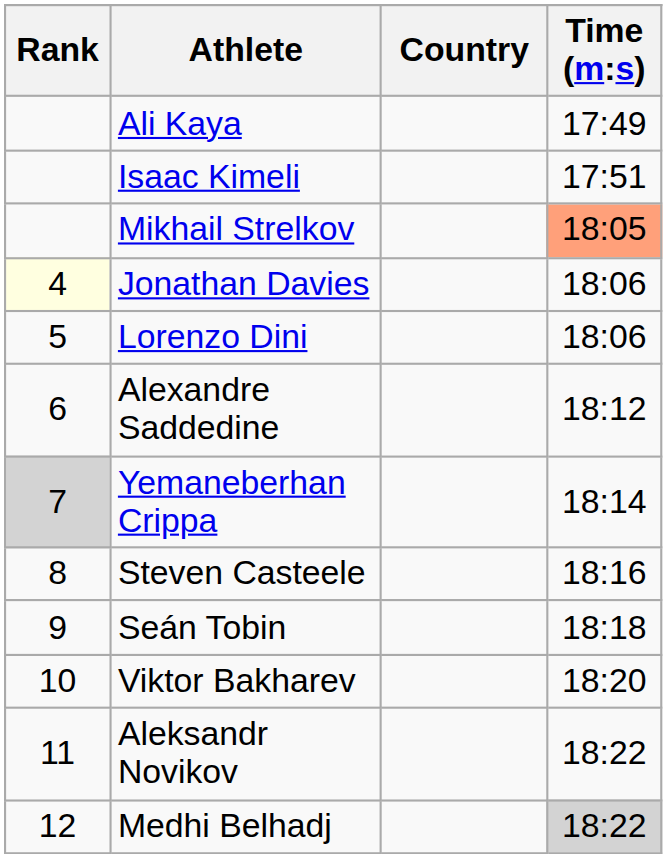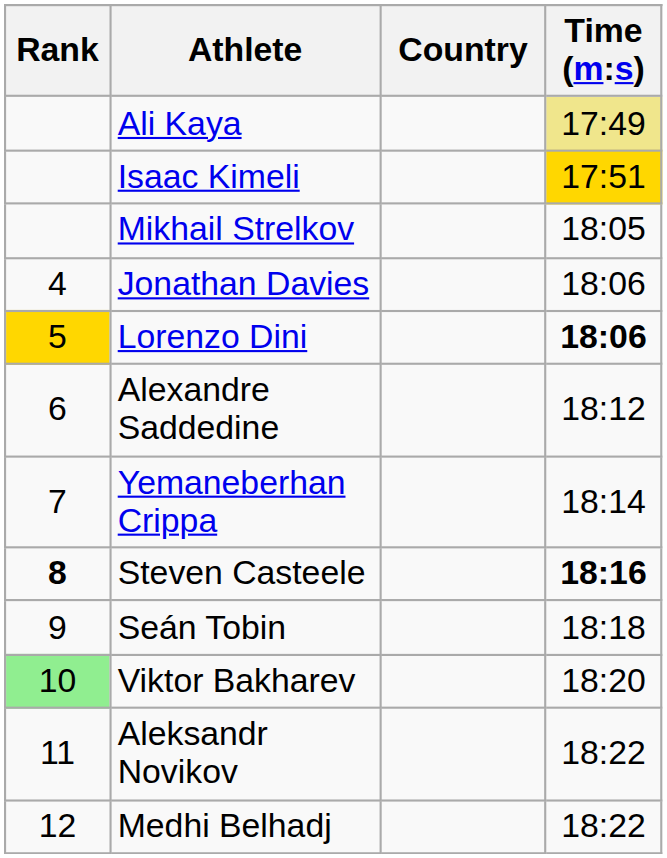 <table class="wikitable" style="text-align:center;" width="50%">
 <tr>
 </tr>
 <tr>
 <th width=5%>Rank</th>
 <th width=20%>Athlete</th>
 <th width=15%>Country</th>
 <th width=10%>Time (<a href='#'>m</a>:<a href='#'>s</a>)</th>
 </tr>
 <tr>
 <td></td>
 <td align="left"><a href='#'>Ali Kaya</a></td>
 <td align="left"></td>
-<td>17:49</td>
+<td style="background: khaki;">17:49</td>
 </tr>
 <tr>
 <td></td>
 <td align="left"><a href='#'>Isaac Kimeli</a></td>
 <td align="left"></td>
-<td>17:51</td>
+<td style="background: gold;">17:51</td>
 </tr>
 <tr>
 <td></td>
 <td align="left"><a href='#'>Mikhail Strelkov</a></td>
 <td align="left"></td>
-<td style="background: lightsalmon;">18:05</td>
+<td>18:05</td>
 </tr>
 <tr>
-<td style="background: lightyellow;">4</td>
+<td>4</td>
 <td align="left"><a href='#'>Jonathan Davies</a></td>
 <td align="left"></td>
 <td>18:06</td>
 </tr>
 <tr>
-<td>5</td>
+<td style="background: gold;">5</td>
 <td align="left"><a href='#'>Lorenzo Dini</a></td>
 <td align="left"></td>
-<td>18:06</td>
+<td><strong>18:06</strong></td>
 </tr>
 <tr>
 <td>6</td>
 <td align="left">Alexandre Saddedine</td>
 <td align="left"></td>
 <td>18:12</td>
 </tr>
 <tr>
-<td style="background: lightgrey;">7</td>
+<td>7</td>
 <td align="left"><a href='#'>Yemaneberhan Crippa</a></td>
 <td align="left"></td>
 <td>18:14</td>
 </tr>
 <tr>
-<td>8</td>
+<td><strong>8</strong></td>
 <td align="left">Steven Casteele</td>
 <td align="left"></td>
-<td>18:16</td>
+<td><strong>18:16</strong></td>
 </tr>
 <tr>
 <td>9</td>
 <td align="left">Seán Tobin</td>
 <td align="left"></td>
 <td>18:18</td>
 </tr>
 <tr>
-<td>10</td>
+<td style="background: lightgreen;">10</td>
 <td align="left">Viktor Bakharev</td>
 <td align="left"></td>
 <td>18:20</td>
 </tr>
 <tr>
 <td>11</td>
 <td align="left">Aleksandr Novikov</td>
 <td align="left"></td>
 <td>18:22</td>
 </tr>
 <tr>
 <td>12</td>
 <td align="left">Medhi Belhadj</td>
 <td align="left"></td>
-<td style="background: lightgrey;">18:22</td>
+<td>18:22</td>
 </tr>
 </table>
